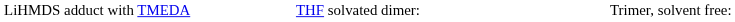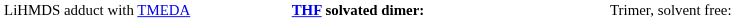 <table align="center" border="0" width="810">
 <tr>
 <td colspan="5" align="right"></td>
 </tr>
 <tr>
 <td width="250" align="center"><br>LiHMDS adduct with <a href='#'>TMEDA</a></td>
 <td width="30"></td>
-<td width="250" align="center"><br><a href='#'>THF</a> solvated dimer: </td>
+<td width="250" align="center"><strong><br><a href='#'>THF</a> solvated dimer: </strong></td>
 <td width="30"></td>
 <td width="250" align="right"><br>Trimer, solvent free: </td>
 </tr>
 </table>
